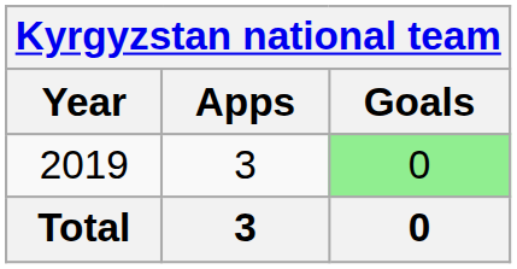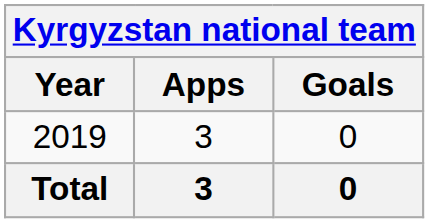 <table class="wikitable" style="text-align:center">
 <tr>
 <th colspan=3><a href='#'>Kyrgyzstan national team</a></th>
 </tr>
 <tr>
 <th>Year</th>
 <th>Apps</th>
 <th>Goals</th>
 </tr>
 <tr>
 <td>2019</td>
 <td>3</td>
-<td style="background: lightgreen;">0</td>
+<td>0</td>
 </tr>
 <tr>
 <th>Total</th>
 <th>3</th>
 <th>0</th>
 </tr>
 </table>
